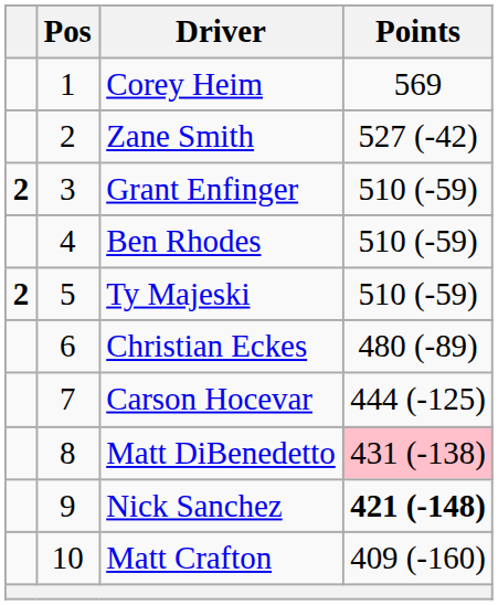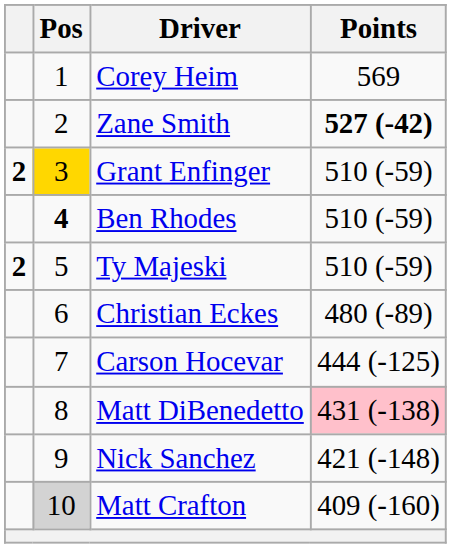 <table class="wikitable" style="font-size: 95%;">
 <tr>
 <th></th>
 <th>Pos</th>
 <th>Driver</th>
 <th>Points</th>
 </tr>
 <tr>
 <td align="left"></td>
 <td style="text-align:center;">1</td>
 <td><a href='#'>Corey Heim</a></td>
 <td style="text-align:center;">569</td>
 </tr>
 <tr>
 <td align="left"></td>
 <td style="text-align:center;">2</td>
 <td><a href='#'>Zane Smith</a></td>
-<td style="text-align:center;">527 (-42)</td>
+<td style="text-align:center;"><strong>527 (-42)</strong></td>
 </tr>
 <tr>
 <td align="left"> <strong>2</strong></td>
-<td style="text-align:center;">3</td>
+<td style="background: gold; text-align:center;">3</td>
 <td><a href='#'>Grant Enfinger</a></td>
 <td style="text-align:center;">510 (-59)</td>
 </tr>
 <tr>
 <td align="left"></td>
-<td style="text-align:center;">4</td>
+<td style="text-align:center;"><strong>4</strong></td>
 <td><a href='#'>Ben Rhodes</a></td>
 <td style="text-align:center;">510 (-59)</td>
 </tr>
 <tr>
 <td align="left"> <strong>2</strong></td>
 <td style="text-align:center;">5</td>
 <td><a href='#'>Ty Majeski</a></td>
 <td style="text-align:center;">510 (-59)</td>
 </tr>
 <tr>
 <td align="left"></td>
 <td style="text-align:center;">6</td>
 <td><a href='#'>Christian Eckes</a></td>
 <td style="text-align:center;">480 (-89)</td>
 </tr>
 <tr>
 <td align="left"></td>
 <td style="text-align:center;">7</td>
 <td><a href='#'>Carson Hocevar</a></td>
 <td style="text-align:center;">444 (-125)</td>
 </tr>
 <tr>
 <td align="left"></td>
 <td style="text-align:center;">8</td>
 <td><a href='#'>Matt DiBenedetto</a></td>
 <td style="background: pink; text-align:center;">431 (-138)</td>
 </tr>
 <tr>
 <td align="left"></td>
 <td style="text-align:center;">9</td>
 <td><a href='#'>Nick Sanchez</a></td>
-<td style="text-align:center;"><strong>421 (-148)</strong></td>
+<td style="text-align:center;">421 (-148)</td>
 </tr>
 <tr>
 <td align="left"></td>
-<td style="text-align:center;">10</td>
+<td style="background: lightgrey; text-align:center;">10</td>
 <td><a href='#'>Matt Crafton</a></td>
 <td style="text-align:center;">409 (-160)</td>
 </tr>
 <tr class="sortbottom">
 <th colspan="9"></th>
 </tr>
 </table>
